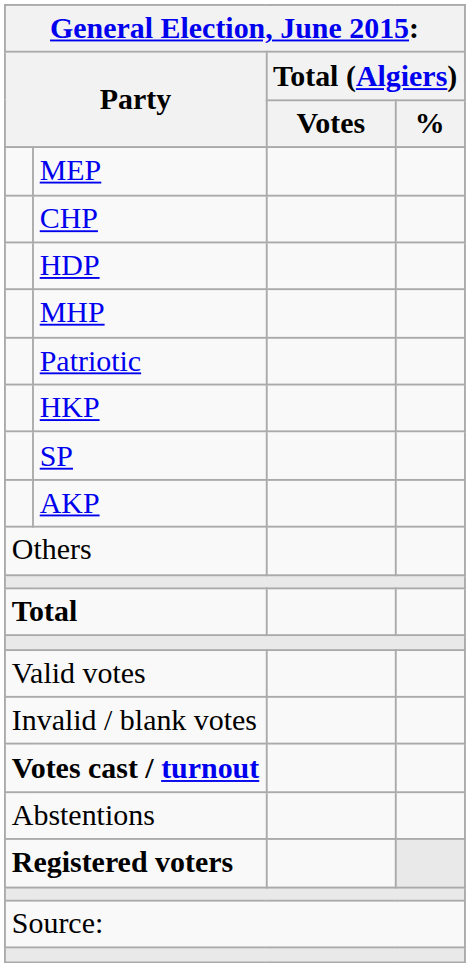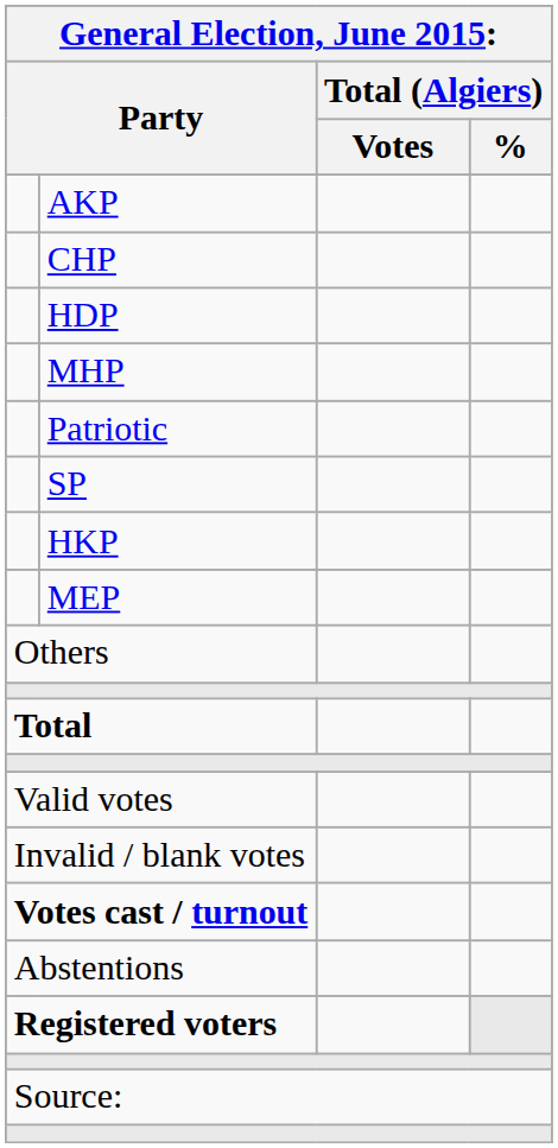 <table class="wikitable" style="text-align:left">
 <tr>
 <th colspan="4"><a href='#'>General Election, June 2015</a>: </th>
 </tr>
 <tr>
 <th rowspan="2" colspan="2">Party</th>
 <th colspan="2">Total (<a href='#'>Algiers</a>)</th>
 </tr>
 <tr>
 <th>Votes</th>
 <th>%</th>
 </tr>
 <tr>
 <td style="background-color:"></td>
-<td><a href='#'>MEP</a></td>
+<td><a href='#'>AKP</a></td>
 <td></td>
 <td></td>
 </tr>
 <tr>
 <td style="background-color:"></td>
 <td><a href='#'>CHP</a></td>
 <td></td>
 <td></td>
 </tr>
 <tr>
 <td style="background-color:"></td>
 <td><a href='#'>HDP</a></td>
 <td></td>
 <td></td>
 </tr>
 <tr>
 <td style="background-color:"></td>
 <td><a href='#'>MHP</a></td>
 <td></td>
 <td></td>
 </tr>
 <tr>
 <td style="background-color:"></td>
 <td><a href='#'>Patriotic</a></td>
 <td></td>
 <td></td>
 </tr>
 <tr>
 <td style="background-color:"></td>
+<td><a href='#'>SP</a></td>
+<td></td>
+<td></td>
+</tr>
+<tr>
+<td style="background-color:"></td>
 <td><a href='#'>HKP</a></td>
 <td></td>
 <td></td>
 </tr>
 <tr>
 <td style="background-color:"></td>
-<td><a href='#'>SP</a></td>
-<td></td>
-<td></td>
-</tr>
-<tr>
-<td style="background-color:"></td>
-<td><a href='#'>AKP</a></td>
+<td><a href='#'>MEP</a></td>
 <td></td>
 <td></td>
 </tr>
 <tr>
 <td colspan="2">Others</td>
 <td></td>
 <td></td>
 </tr>
 <tr>
 <td colspan="4" style="background:#e9e9e9;"></td>
 </tr>
 <tr>
 <td colspan="2"><strong>Total</strong></td>
 <td></td>
 <td></td>
 </tr>
 <tr>
 <td colspan="4" style="background:#e9e9e9;"></td>
 </tr>
 <tr>
 <td colspan="2">Valid votes</td>
 <td></td>
 <td></td>
 </tr>
 <tr>
 <td colspan="2">Invalid / blank votes</td>
 <td></td>
 <td></td>
 </tr>
 <tr>
 <td colspan="2"><strong>Votes cast / <a href='#'>turnout</a></strong></td>
 <td></td>
 <td></td>
 </tr>
 <tr>
 <td colspan="2">Abstentions</td>
 <td></td>
 <td></td>
 </tr>
 <tr>
 <td colspan="2"><strong>Registered voters</strong></td>
 <td></td>
 <td style="background:#e9e9e9;"></td>
 </tr>
 <tr>
 <td colspan="4" style="background:#e9e9e9;"></td>
 </tr>
 <tr>
 <td colspan="4">Source: </td>
 </tr>
 <tr>
 <td colspan="4" style="background:#e9e9e9;"></td>
 </tr>
 </table>
